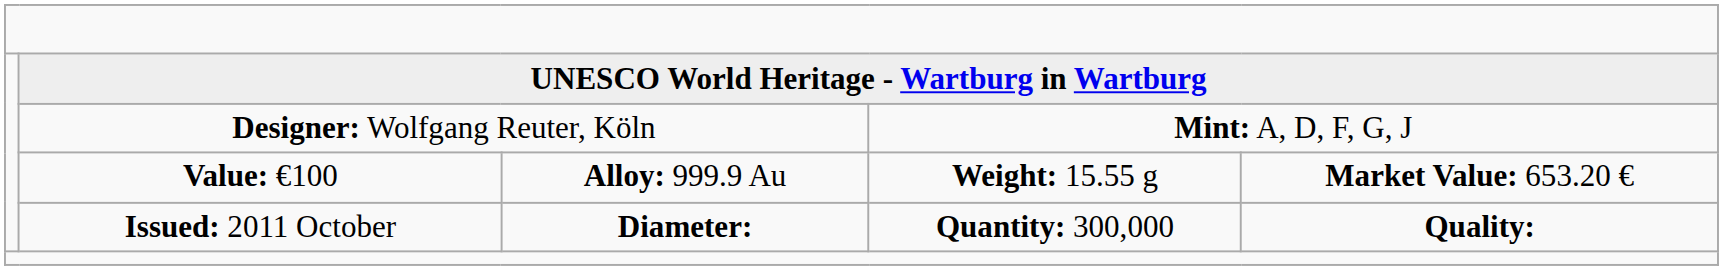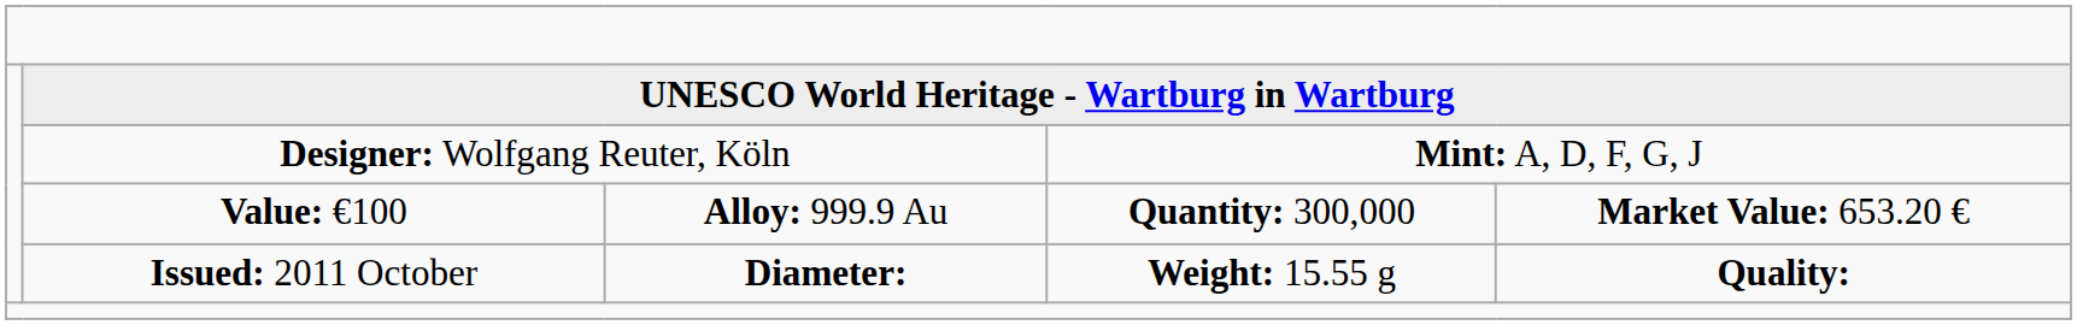 <table class="wikitable" style="width:100%;">
 <tr>
 <td colspan="5" style="text-align:left;"> </td>
 </tr>
 <tr>
 <td rowspan="4"  style="white-space:nowrap; width:330px; text-align:center;"></td>
 <th colspan="4"  style="text-align:center; background:#eee;">UNESCO World Heritage - <a href='#'>Wartburg</a> in <a href='#'>Wartburg</a></th>
 </tr>
 <tr style="text-align:center;">
 <td colspan="2"  style="width:50%; "><strong>Designer:</strong> Wolfgang Reuter, Köln</td>
 <td colspan="2"  style="width:50%; "><strong>Mint:</strong> A, D, F, G, J</td>
 </tr>
 <tr>
 <td align=center><strong>Value:</strong> €100</td>
 <td align=center><strong>Alloy:</strong> 999.9 Au</td>
-<td align=center><strong>Weight:</strong> 15.55 g</td>
+<td align=center><strong>Quantity:</strong> 300,000</td>
 <td align=center><strong>Market Value:</strong> 653.20 €</td>
 </tr>
 <tr>
 <td align=center><strong>Issued:</strong> 2011 October</td>
 <td align=center><strong>Diameter:</strong> </td>
-<td align=center><strong>Quantity:</strong> 300,000</td>
+<td align=center><strong>Weight:</strong> 15.55 g</td>
 <td align=center><strong>Quality:</strong></td>
 </tr>
 <tr>
 <td colspan="5" style="text-align:left;"></td>
 </tr>
 </table>
